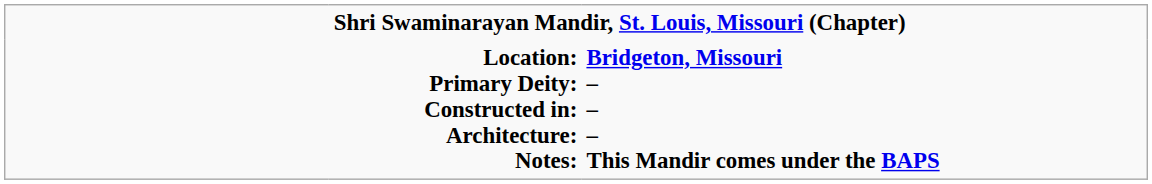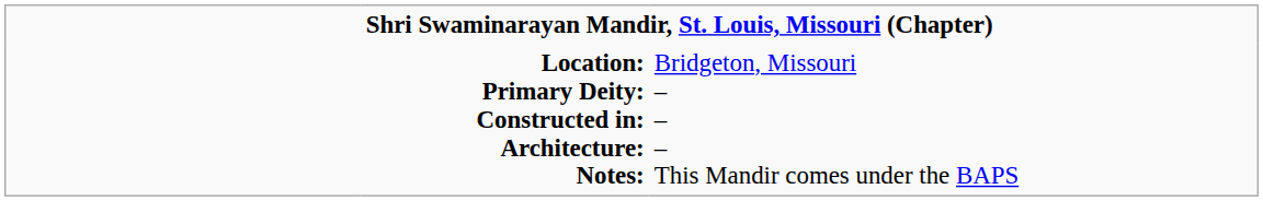 <table class="wikitable plain" border="0" width="800">
 <tr>
 <td width="220px" rowspan="2" style="border:none;"></td>
 <td valign="top" colspan=2 style="border:none;"><strong>Shri Swaminarayan Mandir, <a href='#'>St. Louis, Missouri</a> (Chapter)</strong></td>
 </tr>
 <tr>
 <td valign="top" style="text-align:right; border:none;"><strong>Location:</strong><br><strong>Primary Deity:</strong><br><strong>Constructed in:</strong><br><strong>Architecture:</strong><br><strong>Notes:</strong></td>
-<td valign="top" style="border:none;"><strong><a href='#'>Bridgeton, Missouri</a> <br>– <br>– <br>– <br>This Mandir comes under the <a href='#'>BAPS</a></strong></td>
+<td valign="top" style="border:none;"><a href='#'>Bridgeton, Missouri</a> <br>– <br>– <br>– <br>This Mandir comes under the <a href='#'>BAPS</a></td>
 </tr>
 </table>
